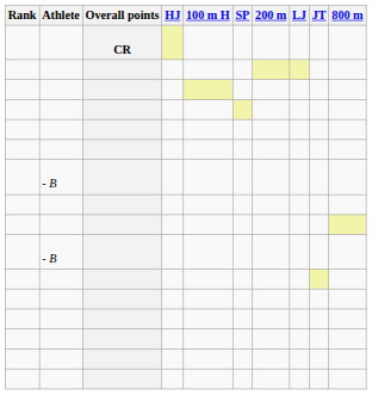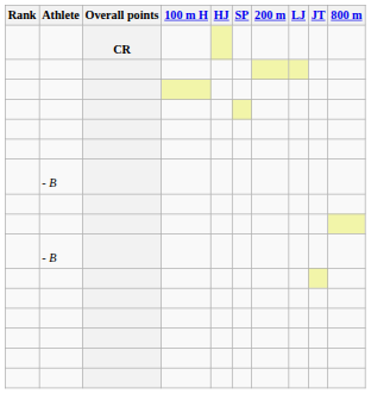 <table class="wikitable sortable" style="font-size:95%;">
 <tr>
 <th>Rank</th>
 <th>Athlete</th>
 <th>Overall points</th>
+<th><a href='#'>100 m H</a></th>
 <th><a href='#'>HJ</a></th>
-<th><a href='#'>100 m H</a></th>
 <th><a href='#'>SP</a></th>
 <th><a href='#'>200 m</a></th>
 <th><a href='#'>LJ</a></th>
 <th><a href='#'>JT</a></th>
 <th><a href='#'>800 m</a></th>
 </tr>
 <tr>
 <td align=center></td>
 <td align=left> <br></td>
 <th><br>CR</th>
+<td></td>
 <td bgcolor=#F2F5A9></td>
-<td></td>
 <td></td>
 <td></td>
 <td></td>
 <td></td>
 <td></td>
 </tr>
 <tr>
 <td align=center></td>
 <td align=left> <br></td>
 <th></th>
 <td></td>
 <td></td>
 <td></td>
 <td bgcolor=#F2F5A9></td>
 <td bgcolor=#F2F5A9></td>
 <td></td>
 <td></td>
 </tr>
 <tr>
 <td align=center></td>
 <td align=left> <br></td>
 <th></th>
+<td bgcolor=#F2F5A9></td>
 <td></td>
-<td bgcolor=#F2F5A9></td>
 <td></td>
 <td></td>
 <td></td>
 <td></td>
 <td></td>
 </tr>
 <tr>
 <td align=center></td>
 <td align=left> <br></td>
 <th></th>
 <td></td>
 <td></td>
 <td bgcolor=#F2F5A9></td>
 <td></td>
 <td></td>
 <td></td>
 <td></td>
 </tr>
 <tr>
 <td align=center></td>
 <td align=left> <br></td>
 <th></th>
 <td></td>
 <td></td>
 <td></td>
 <td></td>
 <td></td>
 <td></td>
 <td></td>
 </tr>
 <tr>
 <td align=center></td>
 <td align=left> <br></td>
 <th></th>
 <td></td>
 <td></td>
 <td></td>
 <td></td>
 <td></td>
 <td></td>
 <td></td>
 </tr>
 <tr>
 <td align=center></td>
 <td align=left> <br> - <em>B</em></td>
 <th></th>
 <td></td>
 <td></td>
 <td></td>
 <td></td>
 <td></td>
 <td></td>
 <td></td>
 </tr>
 <tr>
 <td align=center></td>
 <td align=left> <br></td>
 <th></th>
 <td></td>
 <td></td>
 <td></td>
 <td></td>
 <td></td>
 <td></td>
 <td></td>
 </tr>
 <tr>
 <td align=center></td>
 <td align=left> <br></td>
 <th></th>
 <td></td>
 <td></td>
 <td></td>
 <td></td>
 <td></td>
 <td></td>
 <td bgcolor=#F2F5A9></td>
 </tr>
 <tr>
 <td align=center></td>
 <td align=left> <br> - <em>B</em></td>
 <th></th>
 <td></td>
 <td></td>
 <td></td>
 <td></td>
 <td></td>
 <td></td>
 <td></td>
 </tr>
 <tr>
 <td align=center></td>
 <td align=left> <br></td>
 <th></th>
 <td></td>
 <td></td>
 <td></td>
 <td></td>
 <td></td>
 <td bgcolor=#F2F5A9></td>
 <td></td>
 </tr>
 <tr>
 <td align=center></td>
 <td align=left> <br></td>
 <th></th>
 <td></td>
 <td></td>
 <td></td>
 <td></td>
 <td></td>
 <td></td>
 <td></td>
 </tr>
 <tr>
 <td align=center></td>
 <td align=left> <br></td>
 <th></th>
 <td></td>
 <td></td>
 <td></td>
 <td></td>
 <td></td>
 <td></td>
 <td></td>
 </tr>
 <tr>
 <td align=center></td>
 <td align=left> <br></td>
 <th></th>
 <td></td>
 <td></td>
 <td></td>
 <td></td>
 <td></td>
 <td></td>
 <td></td>
 </tr>
 <tr>
 <td align=center></td>
 <td align=left> <br></td>
 <th></th>
 <td></td>
 <td></td>
 <td></td>
 <td></td>
 <td></td>
 <td></td>
 <td></td>
 </tr>
 <tr>
 <td align=center></td>
 <td align=left> <br></td>
 <th></th>
 <td></td>
 <td></td>
 <td></td>
 <td></td>
 <td></td>
 <td></td>
 <td></td>
 </tr>
 </table>
